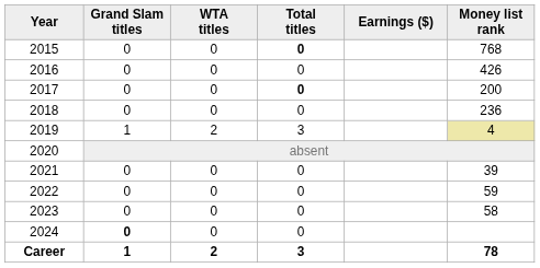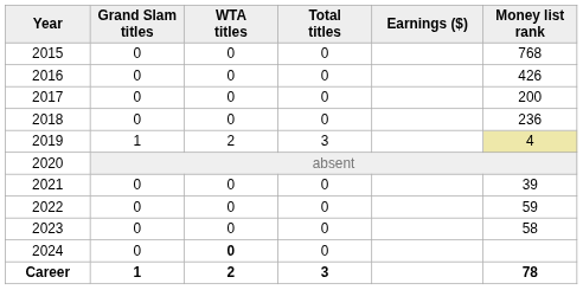 <table cellpadding=3 cellspacing=0 border=1 style=border:#aaa;solid:1px;border-collapse:collapse;text-align:center;>
 <tr style=background:#eee;font-weight:bold>
 <td width="90">Year</td>
 <td width="100">Grand Slam <br>titles</td>
 <td width="100">WTA <br>titles</td>
 <td width="100">Total <br>titles</td>
 <td width="120">Earnings ($)</td>
 <td width="100">Money list rank</td>
 </tr>
 <tr>
 <td>2015</td>
 <td>0</td>
 <td>0</td>
-<td><strong>0</strong></td>
+<td>0</td>
 <td align="right"></td>
 <td>768</td>
 </tr>
 <tr>
 <td>2016</td>
 <td>0</td>
 <td>0</td>
 <td>0</td>
 <td align="right"></td>
 <td>426</td>
 </tr>
 <tr>
 <td>2017</td>
 <td>0</td>
 <td>0</td>
-<td><strong>0</strong></td>
+<td>0</td>
 <td align="right"></td>
 <td>200</td>
 </tr>
 <tr>
 <td>2018</td>
 <td>0</td>
 <td>0</td>
 <td>0</td>
 <td align="right"></td>
 <td>236</td>
 </tr>
 <tr>
 <td>2019</td>
 <td>1</td>
 <td>2</td>
 <td>3</td>
 <td align="right"></td>
 <td bgcolor="#eee8aa">4</td>
 </tr>
 <tr>
 <td>2020</td>
 <td colspan="5" style="background:#efefef;color:#767676;text-align:center;">absent</td>
 </tr>
 <tr>
 <td>2021</td>
 <td>0</td>
 <td>0</td>
 <td>0</td>
 <td align="right"></td>
 <td>39</td>
 </tr>
 <tr>
 <td>2022</td>
 <td>0</td>
 <td>0</td>
 <td>0</td>
 <td align="right"></td>
 <td>59</td>
 </tr>
 <tr>
 <td>2023</td>
 <td>0</td>
 <td>0</td>
 <td>0</td>
 <td align="right"></td>
 <td>58</td>
 </tr>
 <tr>
 <td>2024</td>
+<td>0</td>
 <td><strong>0</strong></td>
-<td>0</td>
 <td>0</td>
 <td></td>
 <td></td>
 </tr>
 <tr style="font-weight:bold;">
 <td>Career</td>
 <td>1</td>
 <td>2</td>
 <td>3</td>
 <td align="right"></td>
 <td>78</td>
 </tr>
 </table>
